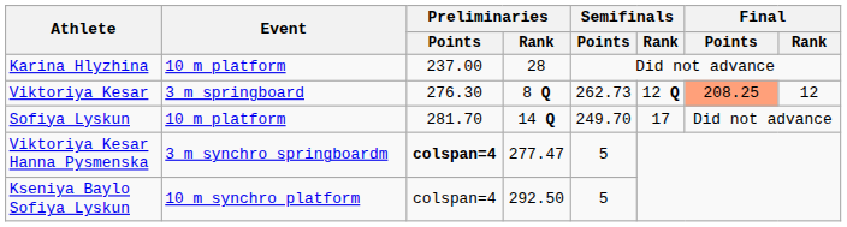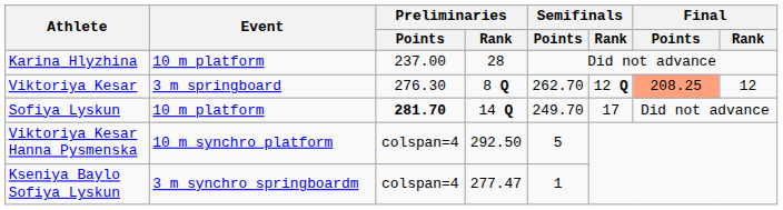 <table class="wikitable" style="text-align:center; font-size:90%; width:50%;">
 <tr>
 <th rowspan=2>Athlete</th>
 <th rowspan=2>Event</th>
 <th colspan=2>Preliminaries</th>
 <th colspan=2>Semifinals</th>
 <th colspan=2>Final</th>
 </tr>
 <tr style="font-size:95%">
 <th>Points</th>
 <th>Rank</th>
 <th>Points</th>
 <th>Rank</th>
 <th>Points</th>
 <th>Rank</th>
 </tr>
 <tr>
 <td align=left><a href='#'>Karina Hlyzhina</a></td>
 <td align=left><a href='#'>10 m platform</a></td>
 <td>237.00</td>
 <td>28</td>
 <td colspan=4>Did not advance</td>
 </tr>
 <tr>
 <td align=left><a href='#'>Viktoriya Kesar</a></td>
 <td align=left><a href='#'>3 m springboard</a></td>
 <td>276.30</td>
 <td>8 <strong>Q</strong></td>
-<td>262.73</td>
+<td>262.70</td>
 <td>12 <strong>Q</strong></td>
 <td style="background: lightsalmon;">208.25</td>
 <td>12</td>
 </tr>
 <tr>
 <td align=left><a href='#'>Sofiya Lyskun</a></td>
 <td align=left><a href='#'>10 m platform</a></td>
-<td>281.70</td>
+<td><strong>281.70</strong></td>
 <td>14 <strong>Q</strong></td>
 <td>249.70</td>
 <td>17</td>
 <td colspan=2>Did not advance</td>
 </tr>
 <tr>
 <td align=left><a href='#'>Viktoriya Kesar</a><br><a href='#'>Hanna Pysmenska</a></td>
-<td align=left><a href='#'>3 m synchro springboardm</a></td>
-<td><strong>colspan=4 </strong></td>
-<td>277.47</td>
-<td>5</td>
-</tr>
-<tr>
-<td align=left><a href='#'>Kseniya Baylo</a><br><a href='#'>Sofiya Lyskun</a></td>
 <td align=left><a href='#'>10 m synchro platform</a></td>
 <td>colspan=4 </td>
 <td>292.50</td>
 <td>5</td>
 </tr>
+<tr>
+<td align=left><a href='#'>Kseniya Baylo</a><br><a href='#'>Sofiya Lyskun</a></td>
+<td align=left><a href='#'>3 m synchro springboardm</a></td>
+<td>colspan=4 </td>
+<td>277.47</td>
+<td>1</td>
+</tr>
 </table>
